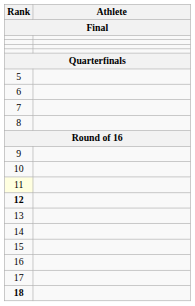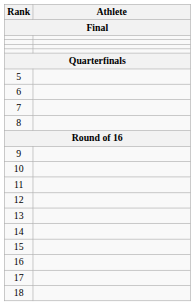 <table class="wikitable" style="text-align:center;">
 <tr>
 <th width=40>Rank</th>
 <th width=250>Athlete</th>
 </tr>
 <tr>
 <th colspan="2">Final</th>
 </tr>
 <tr>
 <td></td>
 <td align=left></td>
 </tr>
 <tr>
 <td></td>
 <td align=left></td>
 </tr>
 <tr>
 <td></td>
 <td align=left></td>
 </tr>
 <tr>
 <td></td>
 <td align=left></td>
 </tr>
 <tr>
 <th colspan="2">Quarterfinals</th>
 </tr>
 <tr>
 <td>5</td>
 <td align=left></td>
 </tr>
 <tr>
 <td>6</td>
 <td align=left></td>
 </tr>
 <tr>
 <td>7</td>
 <td align=left></td>
 </tr>
 <tr>
 <td>8</td>
 <td align=left></td>
 </tr>
 <tr>
 <th colspan="2">Round of 16</th>
 </tr>
 <tr>
 <td>9</td>
 <td align=left></td>
 </tr>
 <tr>
 <td>10</td>
 <td align=left></td>
 </tr>
 <tr>
-<td style="background: lightyellow;">11</td>
+<td>11</td>
 <td align=left></td>
 </tr>
 <tr>
-<td><strong>12</strong></td>
+<td>12</td>
 <td align=left></td>
 </tr>
 <tr>
 <td>13</td>
 <td align=left></td>
 </tr>
 <tr>
 <td>14</td>
 <td align=left></td>
 </tr>
 <tr>
 <td>15</td>
 <td align=left></td>
 </tr>
 <tr>
 <td>16</td>
 <td align=left></td>
 </tr>
 <tr>
 <td>17</td>
 <td align=left></td>
 </tr>
 <tr>
-<td><strong>18</strong></td>
+<td>18</td>
 <td align=left></td>
 </tr>
 </table>
